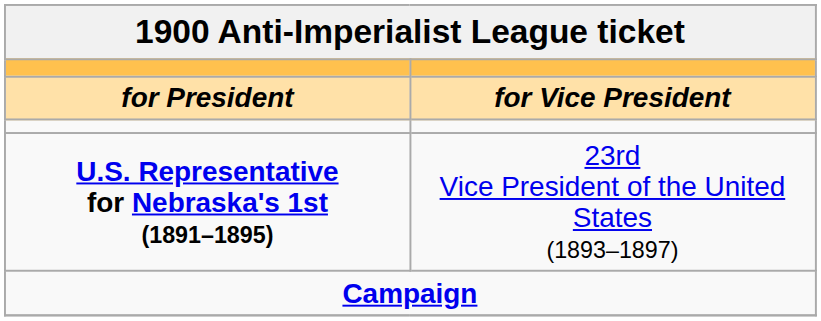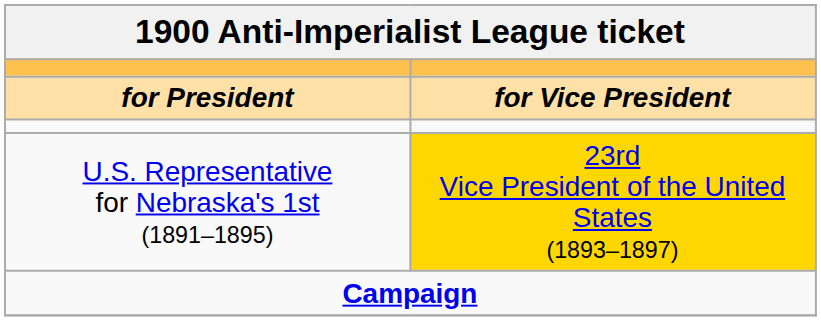 <table class="wikitable" style="font-size:90%; text-align:center;">
 <tr>
 <td style="background:#f1f1f1;" colspan="30"><big><strong>1900 Anti-Imperialist League ticket</strong></big></td>
 </tr>
 <tr>
 <th style="width:3em; font-size:135%; background:#FFC14E; width:200px;"><a href='#'></a></th>
 <th style="width:3em; font-size:135%; background:#FFC14E; width:200px;"><a href='#'></a></th>
 </tr>
 <tr>
 <td style="width:3em; font-size:100%; color:#000; background:#FFE1A8; width:200px;"><strong><em>for President</em></strong></td>
 <td style="width:3em; font-size:100%; color:#000; background:#FFE1A8; width:200px;"><strong><em>for Vice President</em></strong></td>
 </tr>
 <tr>
 <td></td>
 <td></td>
 </tr>
 <tr>
-<td><strong><a href='#'>U.S. Representative</a><br>for <a href='#'>Nebraska's 1st</a><br><small>(1891–1895)</small></strong></td>
-<td><a href='#'>23rd</a><br><a href='#'>Vice President of the United States</a><br><small>(1893–1897)</small></td>
+<td><a href='#'>U.S. Representative</a><br>for <a href='#'>Nebraska's 1st</a><br><small>(1891–1895)</small></td>
+<td style="background: gold;"><a href='#'>23rd</a><br><a href='#'>Vice President of the United States</a><br><small>(1893–1897)</small></td>
 </tr>
 <tr>
 <td colspan=2><a href='#'><strong>Campaign</strong></a></td>
 </tr>
 <tr>
 </tr>
 </table>
